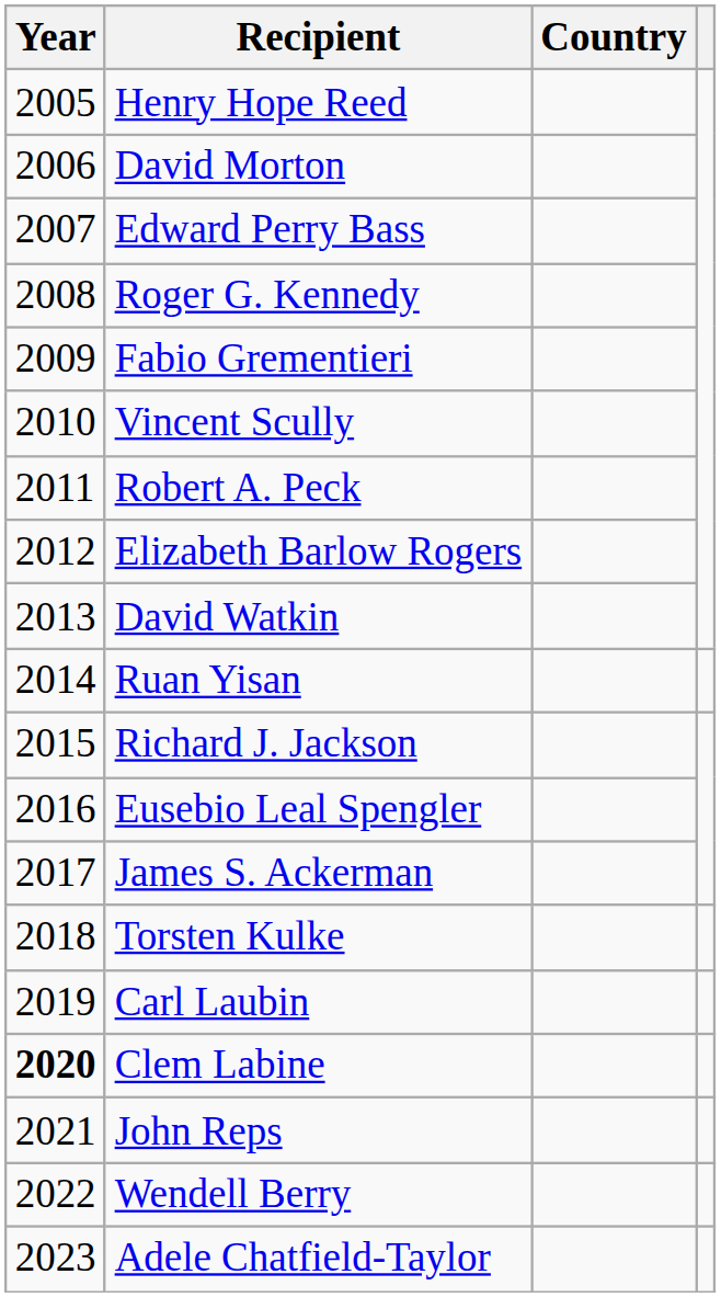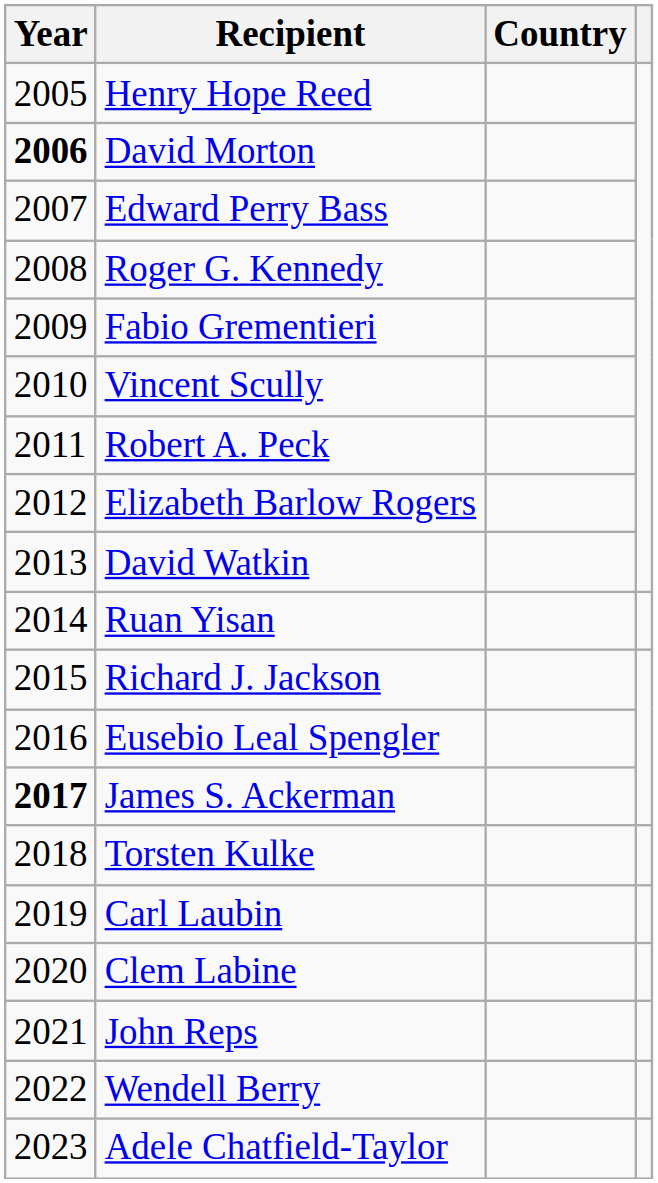 <table align="center" class="wikitable sortable">
 <tr>
 <th>Year</th>
 <th>Recipient</th>
 <th>Country</th>
 <th></th>
 </tr>
 <tr>
 <td>2005</td>
 <td><a href='#'>Henry Hope Reed</a></td>
 <td></td>
 </tr>
 <tr>
-<td>2006</td>
+<td><strong>2006</strong></td>
 <td><a href='#'>David Morton</a></td>
 <td></td>
 </tr>
 <tr>
 <td>2007</td>
 <td><a href='#'>Edward Perry Bass</a></td>
 <td></td>
 </tr>
 <tr>
 <td>2008</td>
 <td><a href='#'>Roger G. Kennedy</a></td>
 <td></td>
 </tr>
 <tr>
 <td>2009</td>
 <td><a href='#'>Fabio Grementieri</a></td>
 <td></td>
 </tr>
 <tr>
 <td>2010</td>
 <td><a href='#'>Vincent Scully</a></td>
 <td></td>
 </tr>
 <tr>
 <td>2011</td>
 <td><a href='#'>Robert A. Peck</a></td>
 <td></td>
 </tr>
 <tr>
 <td>2012</td>
 <td><a href='#'>Elizabeth Barlow Rogers</a></td>
 <td></td>
 </tr>
 <tr>
 <td>2013</td>
 <td><a href='#'>David Watkin</a></td>
 <td></td>
 </tr>
 <tr>
 <td>2014</td>
 <td><a href='#'>Ruan Yisan</a></td>
 <td></td>
 <td></td>
 </tr>
 <tr>
 <td>2015</td>
 <td><a href='#'>Richard J. Jackson</a></td>
 <td></td>
 </tr>
 <tr>
 <td>2016</td>
 <td><a href='#'>Eusebio Leal Spengler</a></td>
 <td></td>
 </tr>
 <tr>
-<td>2017</td>
+<td><strong>2017</strong></td>
 <td><a href='#'>James S. Ackerman</a></td>
 <td></td>
 </tr>
 <tr>
 <td>2018</td>
 <td><a href='#'>Torsten Kulke</a></td>
 <td></td>
 <td></td>
 </tr>
 <tr>
 <td>2019</td>
 <td><a href='#'>Carl Laubin</a></td>
 <td></td>
 <td></td>
 </tr>
 <tr>
-<td><strong>2020</strong></td>
+<td>2020</td>
 <td><a href='#'>Clem Labine</a></td>
 <td></td>
 <td></td>
 </tr>
 <tr>
 <td>2021</td>
 <td><a href='#'>John Reps</a></td>
 <td></td>
 <td></td>
 </tr>
 <tr>
 <td>2022</td>
 <td><a href='#'>Wendell Berry</a></td>
 <td></td>
 <td></td>
 </tr>
 <tr>
 <td>2023</td>
 <td><a href='#'>Adele Chatfield-Taylor</a></td>
 <td></td>
 <td></td>
 </tr>
 </table>
